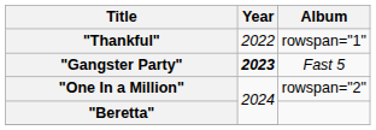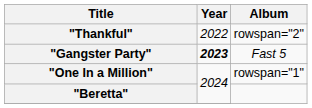 <table class="wikitable plainrowheaders" style="text-align:center;">
 <tr>
 <th scope="col" style="width:15em;">Title</th>
 <th scope="col">Year</th>
 <th scope="col">Album</th>
 </tr>
 <tr>
 <th scope="row">"Thankful"</th>
 <td rowspan="1"><em>2022</em></td>
-<td>rowspan="1" </td>
+<td>rowspan="2" </td>
 </tr>
 <tr>
 <th scope="row">"Gangster Party"</th>
 <td rowspan="1"><strong><em>2023</em></strong></td>
 <td rowspan="1"><em>Fast 5</em></td>
 </tr>
 <tr>
 <th scope="row">"One In a Million"</th>
 <td rowspan="2"><em>2024</em></td>
-<td>rowspan="2" </td>
+<td>rowspan="1" </td>
 </tr>
 <tr>
 <th scope="row">"Beretta"</th>
 </tr>
 <tr>
 </tr>
 </table>
